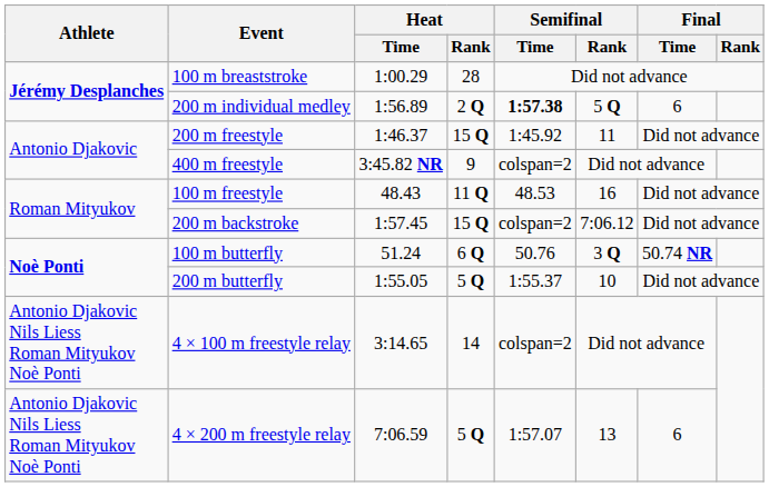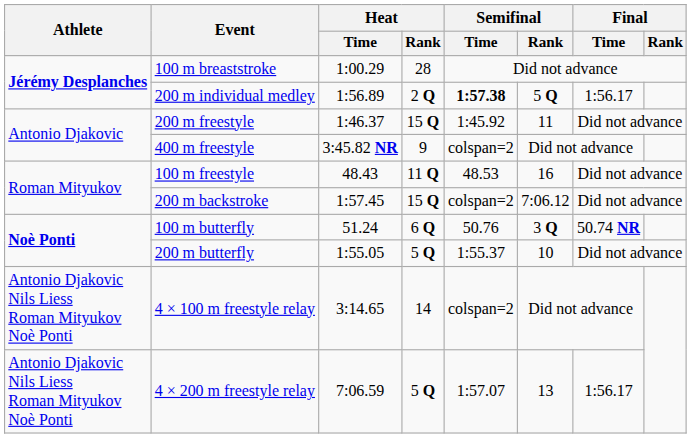 <table class=wikitable style="font-size:90%">
 <tr>
 <th rowspan="2">Athlete</th>
 <th rowspan="2">Event</th>
 <th colspan="2">Heat</th>
 <th colspan="2">Semifinal</th>
 <th colspan="2">Final</th>
 </tr>
 <tr style="font-size:95%">
 <th>Time</th>
 <th>Rank</th>
 <th>Time</th>
 <th>Rank</th>
 <th>Time</th>
 <th>Rank</th>
 </tr>
 <tr align=center>
 <td align=left rowspan=2><strong><a href='#'>Jérémy Desplanches</a></strong></td>
 <td align=left><a href='#'>100 m breaststroke</a></td>
 <td>1:00.29</td>
 <td>28</td>
 <td colspan="4">Did not advance</td>
 </tr>
 <tr align=center>
 <td align=left><a href='#'>200 m individual medley</a></td>
 <td>1:56.89</td>
 <td>2 <strong>Q</strong></td>
 <td><strong>1:57.38</strong></td>
 <td>5 <strong>Q</strong></td>
-<td>6</td>
+<td>1:56.17</td>
 <td></td>
 </tr>
 <tr align=center>
 <td align=left rowspan=2><a href='#'>Antonio Djakovic</a></td>
 <td align=left><a href='#'>200 m freestyle</a></td>
 <td>1:46.37</td>
 <td>15 <strong>Q</strong></td>
 <td>1:45.92</td>
 <td>11</td>
 <td colspan="2">Did not advance</td>
 </tr>
 <tr align=center>
 <td align=left><a href='#'>400 m freestyle</a></td>
 <td>3:45.82 <strong><a href='#'>NR</a></strong></td>
 <td>9</td>
 <td>colspan=2 </td>
 <td colspan="2">Did not advance</td>
 </tr>
 <tr align=center>
 <td align=left rowspan=2><a href='#'>Roman Mityukov</a></td>
 <td align=left><a href='#'>100 m freestyle</a></td>
 <td>48.43</td>
 <td>11 <strong>Q</strong></td>
 <td>48.53</td>
 <td>16</td>
 <td colspan="2">Did not advance</td>
 </tr>
 <tr align=center>
 <td align=left><a href='#'>200 m backstroke</a></td>
 <td>1:57.45</td>
 <td>15 <strong>Q</strong></td>
 <td>colspan=2 </td>
 <td>7:06.12</td>
 <td colspan="2">Did not advance</td>
 </tr>
 <tr align=center>
 <td align=left rowspan=2><strong><a href='#'>Noè Ponti</a></strong></td>
 <td align=left><a href='#'>100 m butterfly</a></td>
 <td>51.24</td>
 <td>6 <strong>Q</strong></td>
 <td>50.76</td>
 <td>3 <strong>Q</strong></td>
 <td>50.74 <strong><a href='#'>NR</a></strong></td>
 <td></td>
 </tr>
 <tr align=center>
 <td align=left><a href='#'>200 m butterfly</a></td>
 <td>1:55.05</td>
 <td>5 <strong>Q</strong></td>
 <td>1:55.37</td>
 <td>10</td>
 <td colspan="2">Did not advance</td>
 </tr>
 <tr align=center>
 <td align=left><a href='#'>Antonio Djakovic</a><br><a href='#'>Nils Liess</a><br><a href='#'>Roman Mityukov</a><br><a href='#'>Noè Ponti</a></td>
 <td align=left><a href='#'>4 × 100 m freestyle relay</a></td>
 <td>3:14.65</td>
 <td>14</td>
 <td>colspan=2 </td>
 <td colspan="2">Did not advance</td>
 </tr>
 <tr align=center>
 <td align=left><a href='#'>Antonio Djakovic</a><br><a href='#'>Nils Liess</a><br><a href='#'>Roman Mityukov</a><br><a href='#'>Noè Ponti</a></td>
 <td align=left><a href='#'>4 × 200 m freestyle relay</a></td>
 <td>7:06.59</td>
 <td>5 <strong>Q</strong></td>
 <td>1:57.07</td>
 <td>13</td>
-<td>6</td>
+<td>1:56.17</td>
 </tr>
 </table>
